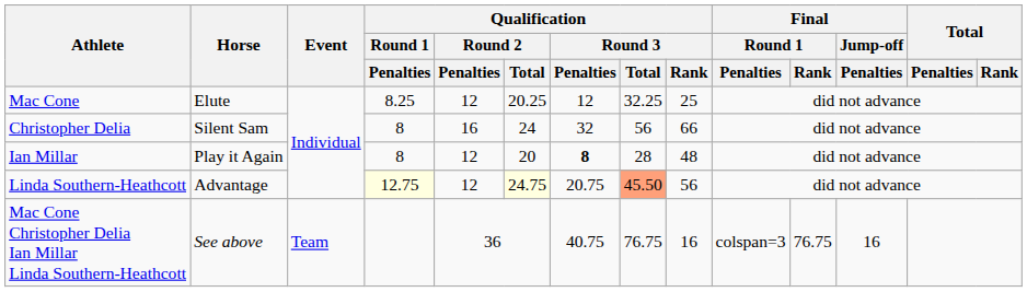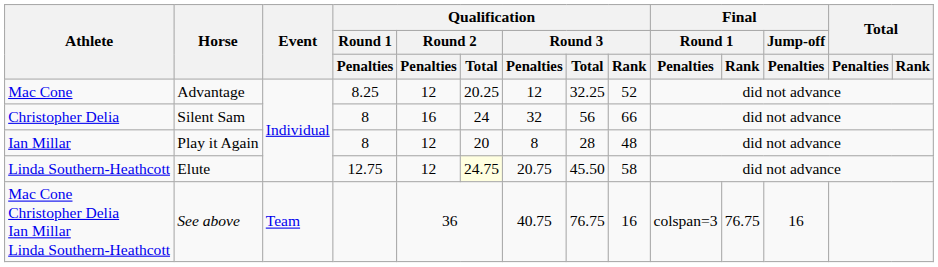 <table class="wikitable" style="font-size:90%">
 <tr>
 <th rowspan="3">Athlete</th>
 <th rowspan="3">Horse</th>
 <th rowspan="3">Event</th>
 <th colspan="6">Qualification</th>
 <th colspan="3">Final</th>
 <th rowspan=2 colspan="2">Total</th>
 </tr>
 <tr style="font-size:95%">
 <th>Round 1</th>
 <th colspan="2">Round 2</th>
 <th colspan="3">Round 3</th>
 <th colspan="2">Round 1</th>
 <th>Jump-off</th>
 </tr>
 <tr style="font-size:95%">
 <th>Penalties</th>
 <th>Penalties</th>
 <th>Total</th>
 <th>Penalties</th>
 <th>Total</th>
 <th>Rank</th>
 <th>Penalties</th>
 <th>Rank</th>
 <th>Penalties</th>
 <th>Penalties</th>
 <th>Rank</th>
 </tr>
 <tr align=center>
 <td align=left><a href='#'>Mac Cone</a></td>
-<td align=left>Elute</td>
+<td align=left>Advantage</td>
 <td align=left rowspan=4><a href='#'>Individual</a></td>
 <td>8.25</td>
 <td>12</td>
 <td>20.25</td>
 <td>12</td>
 <td>32.25</td>
-<td>25</td>
+<td>52</td>
 <td colspan=7>did not advance</td>
 </tr>
 <tr align=center>
 <td align=left><a href='#'>Christopher Delia</a></td>
 <td align=left>Silent Sam</td>
 <td>8</td>
 <td>16</td>
 <td>24</td>
 <td>32</td>
 <td>56</td>
 <td>66</td>
 <td colspan=7>did not advance</td>
 </tr>
 <tr align=center>
 <td align=left><a href='#'>Ian Millar</a></td>
 <td align=left>Play it Again</td>
 <td>8</td>
 <td>12</td>
 <td>20</td>
-<td><strong>8</strong></td>
+<td>8</td>
 <td>28</td>
 <td>48</td>
 <td colspan=7>did not advance</td>
 </tr>
 <tr align=center>
 <td align=left><a href='#'>Linda Southern-Heathcott</a></td>
-<td align=left>Advantage</td>
-<td style="background: lightyellow;">12.75</td>
+<td align=left>Elute</td>
+<td>12.75</td>
 <td>12</td>
 <td style="background: lightyellow;">24.75</td>
 <td>20.75</td>
-<td style="background: lightsalmon;">45.50</td>
-<td>56</td>
+<td>45.50</td>
+<td>58</td>
 <td colspan=7>did not advance</td>
 </tr>
 <tr align=center>
 <td align=left><a href='#'>Mac Cone</a><br><a href='#'>Christopher Delia</a><br><a href='#'>Ian Millar</a><br><a href='#'>Linda Southern-Heathcott</a></td>
 <td align=left><em>See above</em></td>
 <td align=left><a href='#'>Team</a></td>
 <td></td>
 <td colspan=2>36</td>
 <td>40.75</td>
 <td>76.75</td>
 <td>16</td>
 <td>colspan=3 </td>
 <td>76.75</td>
 <td>16</td>
 </tr>
 </table>
